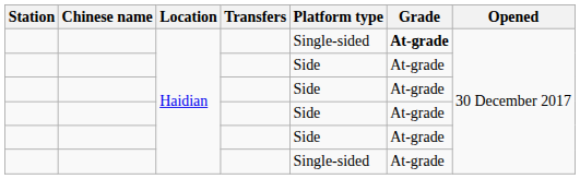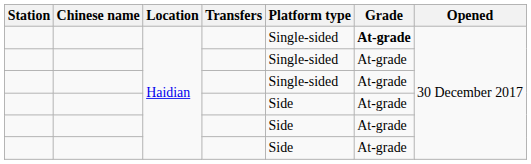 <table class=wikitable>
 <tr>
 <th>Station</th>
 <th>Chinese name</th>
 <th>Location</th>
 <th>Transfers</th>
 <th>Platform type</th>
 <th>Grade</th>
 <th>Opened</th>
 </tr>
 <tr>
 <td></td>
 <td><span></span></td>
 <td rowspan=6><a href='#'>Haidian</a></td>
 <td></td>
 <td>Single-sided</td>
 <td><strong>At-grade</strong></td>
 <td rowspan=6>30 December 2017</td>
 </tr>
 <tr>
 <td></td>
 <td><span></span></td>
 <td></td>
-<td>Side</td>
+<td>Single-sided</td>
 <td><span>At-grade</span></td>
+</tr>
+<tr>
+<td></td>
+<td><span></span></td>
+<td></td>
+<td>Single-sided</td>
+<td>At-grade</td>
 </tr>
 <tr>
 <td></td>
 <td><span></span></td>
 <td></td>
 <td>Side</td>
 <td>At-grade</td>
 </tr>
 <tr>
 <td></td>
 <td><span></span></td>
 <td></td>
 <td>Side</td>
 <td>At-grade</td>
 </tr>
 <tr>
 <td></td>
 <td><span></span></td>
 <td></td>
 <td>Side</td>
 <td>At-grade</td>
 </tr>
-<tr>
-<td></td>
-<td><span></span></td>
-<td></td>
-<td>Single-sided</td>
-<td>At-grade</td>
-</tr>
 </table>
